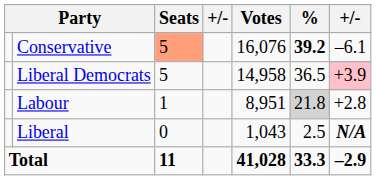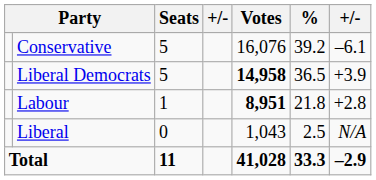 <table class="wikitable sortable">
 <tr>
 <th colspan="2">Party</th>
 <th>Seats</th>
 <th>+/-</th>
 <th>Votes</th>
 <th>%</th>
 <th>+/-</th>
 </tr>
 <tr>
 <td style="background-color: "></td>
 <td><a href='#'>Conservative</a></td>
-<td style="background: lightsalmon;">5</td>
+<td>5</td>
 <td></td>
 <td style="text-align:right;">16,076</td>
-<td style="text-align:right;"><strong>39.2</strong></td>
+<td style="text-align:right;">39.2</td>
 <td style="text-align:right;">–6.1</td>
 </tr>
 <tr>
 <td style="background-color: "></td>
 <td><a href='#'>Liberal Democrats</a></td>
 <td>5</td>
 <td></td>
-<td style="text-align:right;">14,958</td>
+<td style="text-align:right;"><strong>14,958</strong></td>
 <td style="text-align:right;">36.5</td>
-<td style="background: pink; text-align:right;">+3.9</td>
+<td style="text-align:right;">+3.9</td>
 </tr>
 <tr>
 <td style="background-color: "></td>
 <td><a href='#'>Labour</a></td>
 <td>1</td>
 <td></td>
-<td style="text-align:right;">8,951</td>
-<td style="background: lightgrey; text-align:right;">21.8</td>
+<td style="text-align:right;"><strong>8,951</strong></td>
+<td style="text-align:right;">21.8</td>
 <td style="text-align:right;">+2.8</td>
 </tr>
 <tr>
 <td style="background-color: "></td>
 <td><a href='#'>Liberal</a></td>
 <td>0</td>
 <td></td>
 <td style="text-align:right;">1,043</td>
 <td style="text-align:right;">2.5</td>
-<td style="text-align:right;"><strong><em>N/A</em></strong></td>
+<td style="text-align:right;"><em>N/A</em></td>
 </tr>
 <tr>
 <td colspan="2"><strong>Total</strong></td>
 <td><strong>11</strong></td>
 <td></td>
 <td style="text-align:right;"><strong>41,028</strong></td>
 <td style="text-align:right;"><strong>33.3</strong></td>
 <td style="text-align:right;"><strong>–2.9</strong></td>
 </tr>
 </table>
